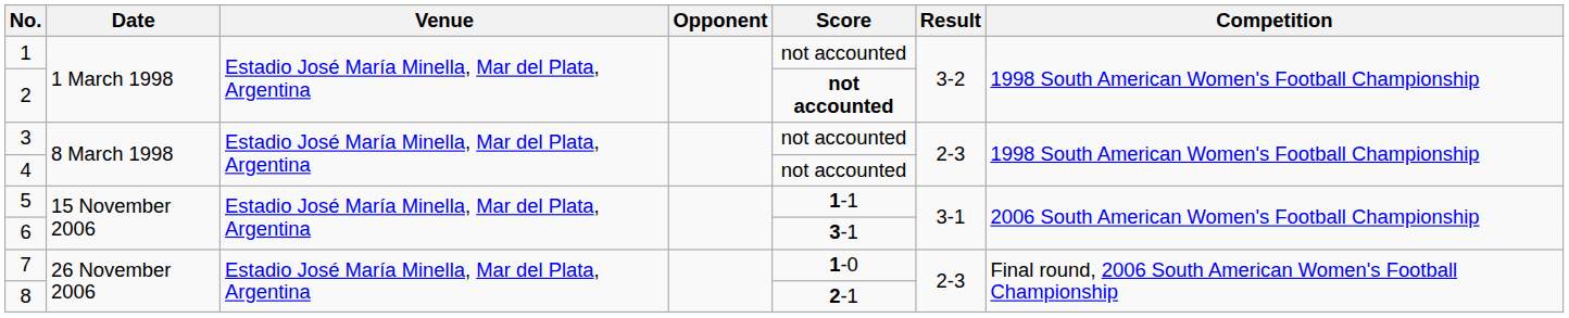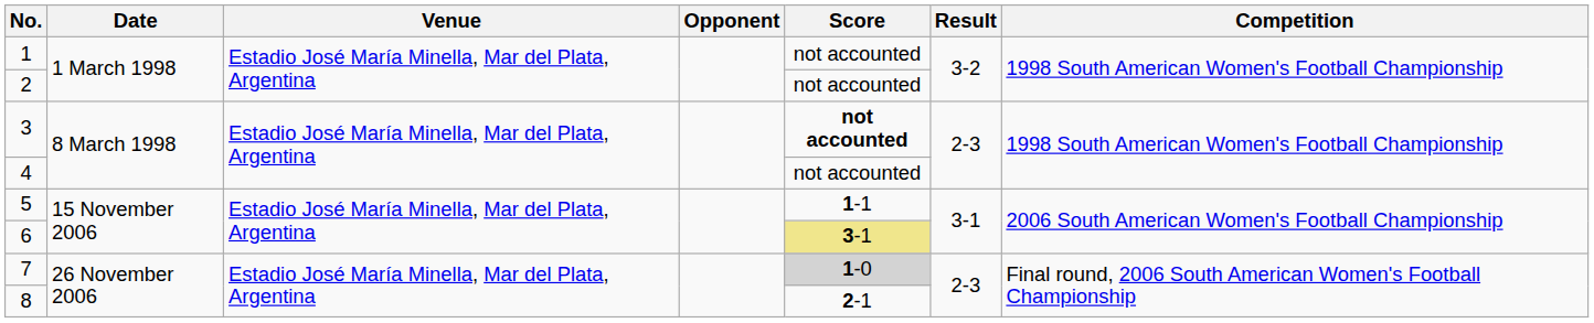 <table class="wikitable">
 <tr>
 <th>No.</th>
 <th>Date</th>
 <th>Venue</th>
 <th>Opponent</th>
 <th>Score</th>
 <th>Result</th>
 <th>Competition</th>
 </tr>
 <tr>
 <td style="text-align:center;">1</td>
 <td rowspan=2>1 March 1998</td>
 <td rowspan=2><a href='#'>Estadio José María Minella</a>, <a href='#'>Mar del Plata</a>, <a href='#'>Argentina</a></td>
 <td rowspan=2></td>
 <td style="text-align:center;">not accounted</td>
 <td rowspan=2 style="text-align:center;">3-2</td>
 <td rowspan=2><a href='#'>1998 South American Women's Football Championship</a></td>
 </tr>
 <tr style="text-align:center;">
 <td>2</td>
-<td><strong>not accounted</strong></td>
+<td>not accounted</td>
 </tr>
 <tr>
 <td style="text-align:center;">3</td>
 <td rowspan=2>8 March 1998</td>
 <td rowspan=2><a href='#'>Estadio José María Minella</a>, <a href='#'>Mar del Plata</a>, <a href='#'>Argentina</a></td>
 <td rowspan=2></td>
-<td style="text-align:center;">not accounted</td>
+<td style="text-align:center;"><strong>not accounted</strong></td>
 <td rowspan=2 style="text-align:center;">2-3</td>
 <td rowspan=2><a href='#'>1998 South American Women's Football Championship</a></td>
 </tr>
 <tr style="text-align:center;">
 <td>4</td>
 <td>not accounted</td>
 </tr>
 <tr>
 <td style="text-align:center;">5</td>
 <td rowspan=2>15 November 2006</td>
 <td rowspan=2><a href='#'>Estadio José María Minella</a>, <a href='#'>Mar del Plata</a>, <a href='#'>Argentina</a></td>
 <td rowspan=2></td>
 <td style="text-align:center;"><strong>1</strong>-1</td>
 <td rowspan=2 style="text-align:center;">3-1</td>
 <td rowspan=2><a href='#'>2006 South American Women's Football Championship</a></td>
 </tr>
 <tr style="text-align:center;">
 <td>6</td>
-<td><strong>3</strong>-1</td>
+<td style="background: khaki;"><strong>3</strong>-1</td>
 </tr>
 <tr>
 <td style="text-align:center;">7</td>
 <td rowspan=2>26 November 2006</td>
 <td rowspan=2><a href='#'>Estadio José María Minella</a>, <a href='#'>Mar del Plata</a>, <a href='#'>Argentina</a></td>
 <td rowspan=2></td>
-<td style="text-align:center;"><strong>1</strong>-0</td>
+<td style="background: lightgrey; text-align:center;"><strong>1</strong>-0</td>
 <td rowspan=2 style="text-align:center;">2-3</td>
 <td rowspan=2>Final round, <a href='#'>2006 South American Women's Football Championship</a></td>
 </tr>
 <tr style="text-align:center;">
 <td>8</td>
 <td><strong>2</strong>-1</td>
 </tr>
 </table>
